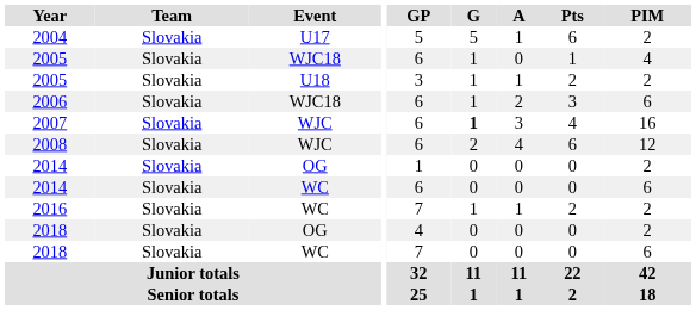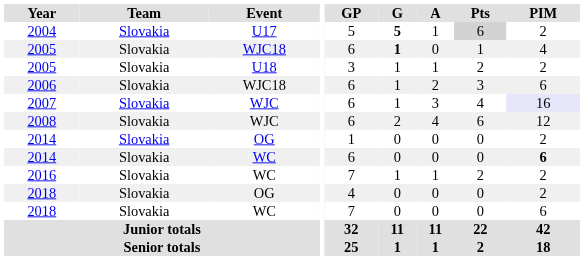 <table border="0" cellpadding="1" cellspacing="0" ID="Table3" style="text-align:center; width:40em">
 <tr ALIGN="center" bgcolor="#e0e0e0">
 <th>Year</th>
 <th>Team</th>
 <th>Event</th>
 <th rowspan="99" bgcolor="#ffffff"></th>
 <th>GP</th>
 <th>G</th>
 <th>A</th>
 <th>Pts</th>
 <th>PIM</th>
 </tr>
 <tr>
 <td><a href='#'>2004</a></td>
 <td><a href='#'>Slovakia</a></td>
 <td><a href='#'>U17</a></td>
 <td>5</td>
-<td>5</td>
+<td><strong>5</strong></td>
 <td>1</td>
-<td>6</td>
+<td style="background: lightgrey;">6</td>
 <td>2</td>
 </tr>
 <tr bgcolor="#f0f0f0">
 <td><a href='#'>2005</a></td>
 <td>Slovakia</td>
 <td><a href='#'>WJC18</a></td>
 <td>6</td>
-<td>1</td>
+<td><strong>1</strong></td>
 <td>0</td>
 <td>1</td>
 <td>4</td>
 </tr>
 <tr>
 <td><a href='#'>2005</a></td>
 <td>Slovakia</td>
 <td><a href='#'>U18</a></td>
 <td>3</td>
 <td>1</td>
 <td>1</td>
 <td>2</td>
 <td>2</td>
 </tr>
 <tr bgcolor="#f0f0f0">
 <td><a href='#'>2006</a></td>
 <td>Slovakia</td>
 <td>WJC18</td>
 <td>6</td>
 <td>1</td>
 <td>2</td>
 <td>3</td>
 <td>6</td>
 </tr>
 <tr>
 <td><a href='#'>2007</a></td>
 <td><a href='#'>Slovakia</a></td>
 <td><a href='#'>WJC</a></td>
 <td>6</td>
-<td><strong>1</strong></td>
+<td>1</td>
 <td>3</td>
 <td>4</td>
-<td>16</td>
+<td style="background: lavender;">16</td>
 </tr>
 <tr bgcolor="#f0f0f0">
 <td><a href='#'>2008</a></td>
 <td>Slovakia</td>
 <td>WJC</td>
 <td>6</td>
 <td>2</td>
 <td>4</td>
 <td>6</td>
 <td>12</td>
 </tr>
 <tr>
 <td><a href='#'>2014</a></td>
 <td><a href='#'>Slovakia</a></td>
 <td><a href='#'>OG</a></td>
 <td>1</td>
 <td>0</td>
 <td>0</td>
 <td>0</td>
 <td>2</td>
 </tr>
 <tr bgcolor="#f0f0f0">
 <td><a href='#'>2014</a></td>
 <td>Slovakia</td>
 <td><a href='#'>WC</a></td>
 <td>6</td>
 <td>0</td>
 <td>0</td>
 <td>0</td>
-<td>6</td>
+<td><strong>6</strong></td>
 </tr>
 <tr>
 <td><a href='#'>2016</a></td>
 <td>Slovakia</td>
 <td>WC</td>
 <td>7</td>
 <td>1</td>
 <td>1</td>
 <td>2</td>
 <td>2</td>
 </tr>
 <tr bgcolor="#f0f0f0">
 <td><a href='#'>2018</a></td>
 <td>Slovakia</td>
 <td>OG</td>
 <td>4</td>
 <td>0</td>
 <td>0</td>
 <td>0</td>
 <td>2</td>
 </tr>
 <tr>
 <td><a href='#'>2018</a></td>
 <td>Slovakia</td>
 <td>WC</td>
 <td>7</td>
 <td>0</td>
 <td>0</td>
 <td>0</td>
 <td>6</td>
 </tr>
 <tr bgcolor="#e0e0e0">
 <th colspan="3">Junior totals</th>
 <th>32</th>
 <th>11</th>
 <th>11</th>
 <th>22</th>
 <th>42</th>
 </tr>
 <tr bgcolor="#e0e0e0">
 <th colspan="3">Senior totals</th>
 <th>25</th>
 <th>1</th>
 <th>1</th>
 <th>2</th>
 <th>18</th>
 </tr>
 </table>
